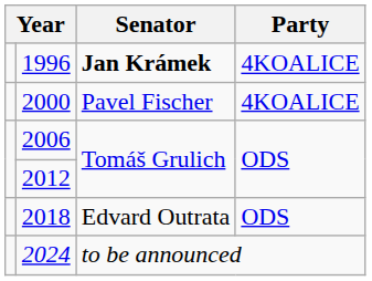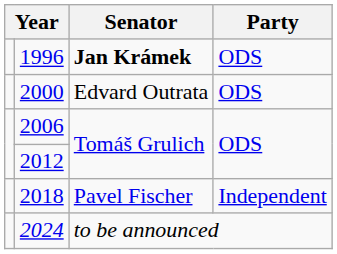 <table class="wikitable">
 <tr>
 <th colspan="2">Year</th>
 <th>Senator</th>
 <th>Party</th>
 </tr>
 <tr>
 <td style="background-color:"></td>
 <td><a href='#'>1996</a></td>
 <td><strong>Jan Krámek</strong></td>
-<td><a href='#'>4KOALICE</a></td>
+<td><a href='#'>ODS</a></td>
 </tr>
 <tr>
 <td style="background-color:"></td>
 <td><a href='#'>2000</a></td>
-<td><a href='#'>Pavel Fischer</a></td>
-<td><a href='#'>4KOALICE</a></td>
+<td>Edvard Outrata</td>
+<td><a href='#'>ODS</a></td>
 </tr>
 <tr>
 <td rowspan="2" style="background-color:"></td>
 <td><a href='#'>2006</a></td>
 <td rowspan="2"><a href='#'>Tomáš Grulich</a></td>
 <td rowspan="2"><a href='#'>ODS</a></td>
 </tr>
 <tr>
 <td><a href='#'>2012</a></td>
 </tr>
 <tr>
 <td style="background-color:"></td>
 <td><a href='#'>2018</a></td>
-<td>Edvard Outrata</td>
-<td><a href='#'>ODS</a></td>
+<td><a href='#'>Pavel Fischer</a></td>
+<td><a href='#'>Independent</a></td>
 </tr>
 <tr>
 <td></td>
 <td><em><a href='#'>2024</a></em></td>
 <td colspan="2"><em>to be announced</em></td>
 </tr>
 </table>
